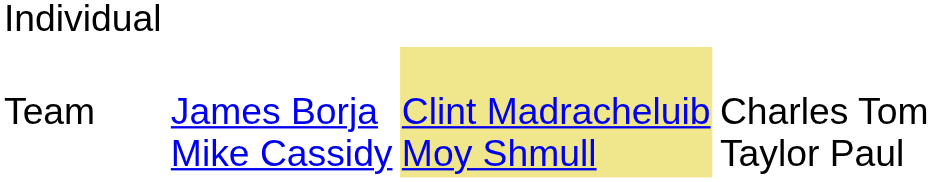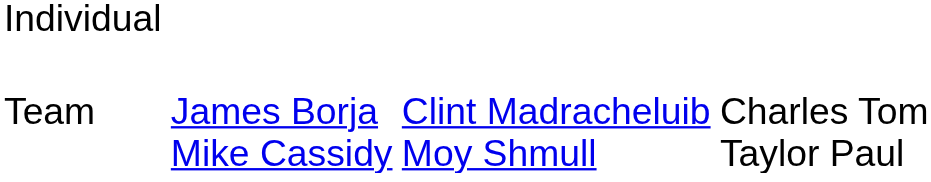 <table>
 <tr>
 <td>Individual</td>
 <td></td>
 <td></td>
 <td></td>
 </tr>
 <tr>
 <td>Team</td>
 <td nowrap><br><a href='#'>James Borja</a><br><a href='#'>Mike Cassidy</a></td>
-<td nowrap style="background: khaki;"><br><a href='#'>Clint Madracheluib</a><br><a href='#'>Moy Shmull</a></td>
+<td nowrap><br><a href='#'>Clint Madracheluib</a><br><a href='#'>Moy Shmull</a></td>
 <td nowrap><br>Charles Tom<br>Taylor Paul</td>
 </tr>
 </table>
